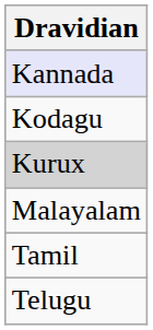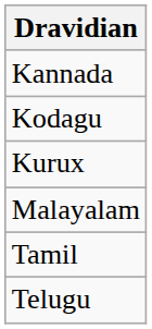 <table class="wikitable">
 <tr>
 <th>Dravidian</th>
 </tr>
 <tr>
-<td style="background: lavender;">Kannada</td>
+<td>Kannada</td>
 </tr>
 <tr>
 <td>Kodagu</td>
 </tr>
 <tr>
-<td style="background: lightgrey;">Kurux</td>
+<td>Kurux</td>
 </tr>
 <tr>
 <td>Malayalam</td>
 </tr>
 <tr>
 <td>Tamil</td>
 </tr>
 <tr>
 <td>Telugu</td>
 </tr>
 </table>
